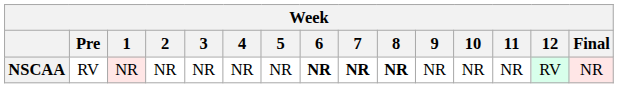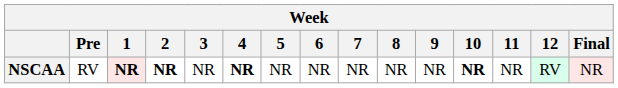 <table class="wikitable" style="white-space:nowrap;">
 <tr>
 <th colspan="25">Week</th>
 </tr>
 <tr>
 <th scope="col" width="30"></th>
 <th scope="col" width="30">Pre</th>
 <th scope="col" width="30">1</th>
 <th scope="col" width="30">2</th>
 <th scope="col" width="30">3</th>
 <th scope="col" width="30">4</th>
 <th scope="col" width="30">5</th>
 <th scope="col" width="30">6</th>
 <th scope="col" width="30">7</th>
 <th scope="col" width="30">8</th>
 <th scope="col" width="30">9</th>
 <th scope="col" width="30">10</th>
 <th scope="col" width="30">11</th>
 <th scope="col" width="30">12</th>
 <th scope="col" width="30">Final</th>
 </tr>
 <tr style="text-align:center;">
 <th>NSCAA</th>
 <td bgcolor=FFFFFF>RV</td>
-<td bgcolor=FFE6E6>NR</td>
+<td bgcolor=FFE6E6><strong>NR</strong></td>
+<td bgcolor=FFFFFF><strong>NR</strong></td>
+<td bgcolor=FFFFFF>NR</td>
+<td bgcolor=FFFFFF><strong>NR</strong></td>
+<td bgcolor=FFFFFF>NR</td>
 <td bgcolor=FFFFFF>NR</td>
 <td bgcolor=FFFFFF>NR</td>
 <td bgcolor=FFFFFF>NR</td>
 <td bgcolor=FFFFFF>NR</td>
 <td bgcolor=FFFFFF><strong>NR</strong></td>
-<td bgcolor=FFFFFF><strong>NR</strong></td>
-<td bgcolor=FFFFFF><strong>NR</strong></td>
-<td bgcolor=FFFFFF>NR</td>
-<td bgcolor=FFFFFF>NR</td>
 <td bgcolor=FFFFFF>NR</td>
 <td bgcolor=D8FFEB>RV</td>
 <td bgcolor=FFE6E6>NR</td>
 </tr>
 </table>
